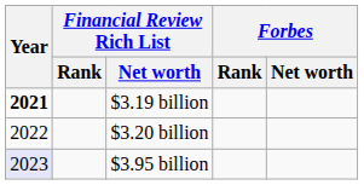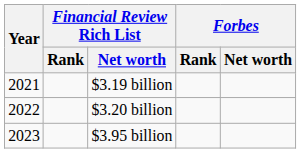 <table class="wikitable">
 <tr>
 <th rowspan=2>Year</th>
 <th colspan=2><em><a href='#'>Financial Review</a></em><br><a href='#'>Rich List</a></th>
 <th colspan=2><em><a href='#'>Forbes</a></em><br></th>
 </tr>
 <tr>
 <th>Rank</th>
 <th><a href='#'>Net worth</a><br></th>
 <th>Rank</th>
 <th>Net worth<br></th>
 </tr>
 <tr>
-<td><strong>2021</strong></td>
+<td>2021</td>
 <td align="center"></td>
 <td align="right">$3.19 billion </td>
 <td align="center"></td>
 <td align="right"></td>
 </tr>
 <tr>
 <td>2022</td>
 <td align="center"></td>
 <td align="right">$3.20 billion </td>
 <td align="center"></td>
 <td align="right"></td>
 </tr>
 <tr>
-<td style="background: lavender;">2023</td>
+<td>2023</td>
 <td align="center"></td>
 <td align="right">$3.95 billion </td>
 <td align="center"></td>
 <td align="right"></td>
 </tr>
 </table>
